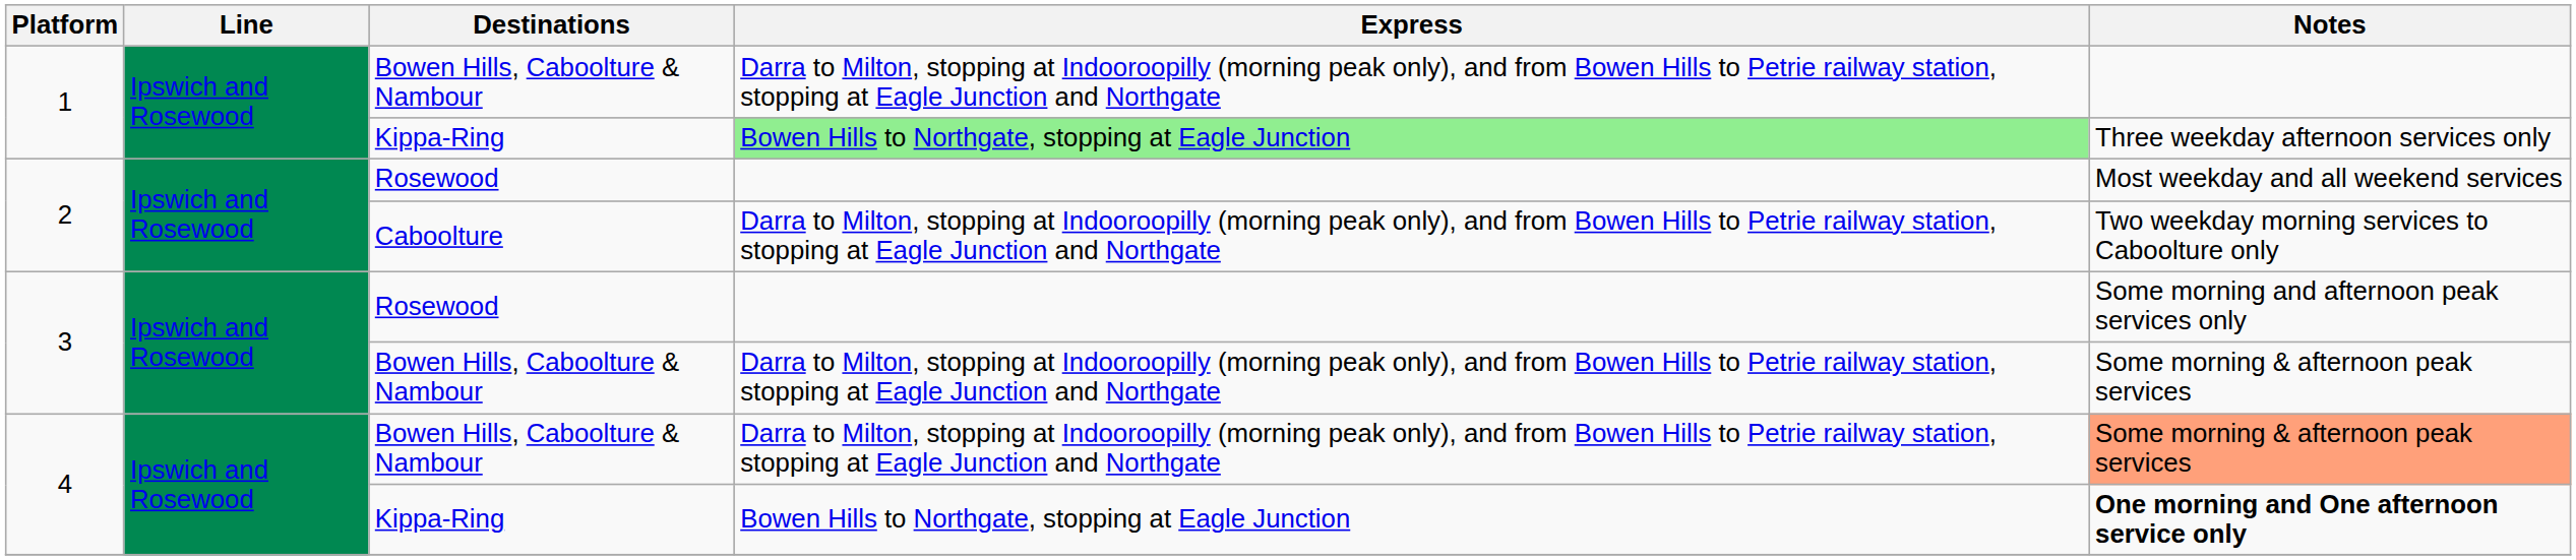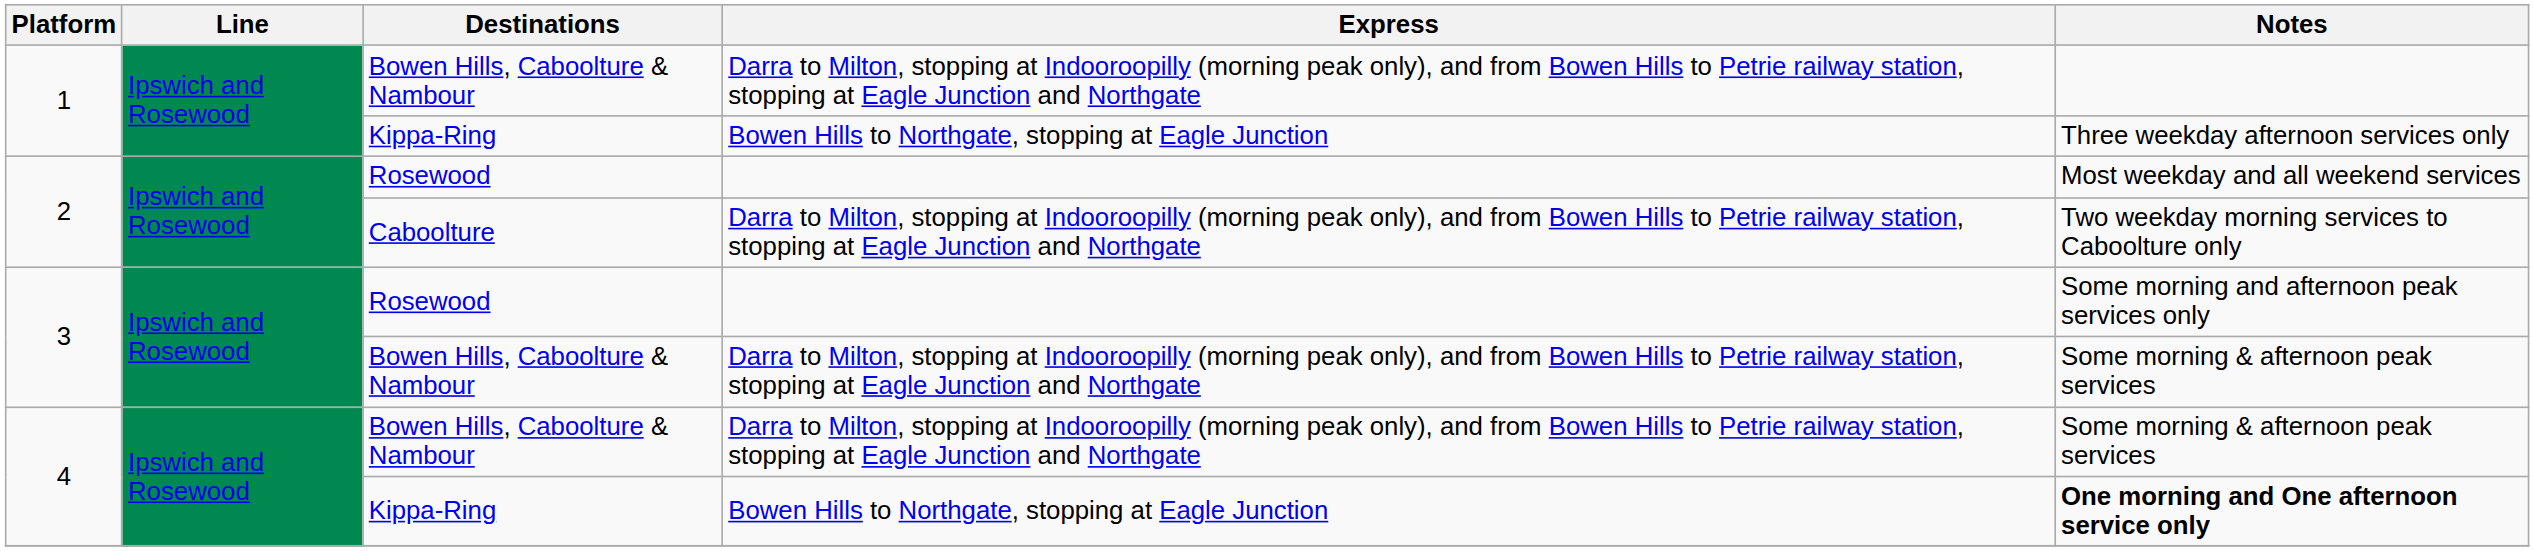 <table class="wikitable" style="float: none; margin: 0.5em; ">
 <tr>
 <th>Platform</th>
 <th>Line</th>
 <th>Destinations</th>
 <th>Express</th>
 <th>Notes</th>
 </tr>
 <tr>
 <td rowspan="2" style="text-align:center;">1</td>
 <td rowspan="2" style=background:#008851><a href='#'><span>Ipswich and Rosewood</span></a></td>
 <td><a href='#'>Bowen Hills</a>, <a href='#'>Caboolture</a> & <a href='#'>Nambour</a></td>
 <td><a href='#'>Darra</a> to <a href='#'>Milton</a>, stopping at <a href='#'>Indooroopilly</a> (morning peak only), and from <a href='#'>Bowen Hills</a> to <a href='#'>Petrie railway station</a>, stopping at <a href='#'>Eagle Junction</a> and <a href='#'>Northgate</a></td>
 <td></td>
 </tr>
 <tr>
 <td><a href='#'>Kippa-Ring</a></td>
-<td style="background: lightgreen;"><a href='#'>Bowen Hills</a> to <a href='#'>Northgate</a>, stopping at <a href='#'>Eagle Junction</a></td>
+<td><a href='#'>Bowen Hills</a> to <a href='#'>Northgate</a>, stopping at <a href='#'>Eagle Junction</a></td>
 <td>Three weekday afternoon services only</td>
 </tr>
 <tr>
 <td rowspan="2" style="text-align:center;">2</td>
 <td rowspan="2" style=background:#008851><a href='#'><span>Ipswich and Rosewood</span></a></td>
 <td><a href='#'>Rosewood</a></td>
 <td></td>
 <td>Most weekday and all weekend services</td>
 </tr>
 <tr>
 <td><a href='#'>Caboolture</a></td>
 <td><a href='#'>Darra</a> to <a href='#'>Milton</a>, stopping at <a href='#'>Indooroopilly</a> (morning peak only), and from <a href='#'>Bowen Hills</a> to <a href='#'>Petrie railway station</a>, stopping at <a href='#'>Eagle Junction</a> and <a href='#'>Northgate</a></td>
 <td>Two weekday morning services to Caboolture only</td>
 </tr>
 <tr>
 <td rowspan="2" style="text-align:center;">3</td>
 <td rowspan="2" style=background:#008851><a href='#'><span>Ipswich and Rosewood</span></a></td>
 <td><a href='#'>Rosewood</a></td>
 <td></td>
 <td>Some morning and afternoon peak services only</td>
 </tr>
 <tr>
 <td><a href='#'>Bowen Hills</a>, <a href='#'>Caboolture</a> & <a href='#'>Nambour</a></td>
 <td><a href='#'>Darra</a> to <a href='#'>Milton</a>, stopping at <a href='#'>Indooroopilly</a> (morning peak only), and from <a href='#'>Bowen Hills</a> to <a href='#'>Petrie railway station</a>, stopping at <a href='#'>Eagle Junction</a> and <a href='#'>Northgate</a></td>
 <td>Some morning & afternoon peak services</td>
 </tr>
 <tr>
 <td rowspan="2" style="text-align:center;">4</td>
 <td rowspan="2" style=background:#008851><a href='#'><span>Ipswich and Rosewood</span></a></td>
 <td><a href='#'>Bowen Hills</a>, <a href='#'>Caboolture</a> & <a href='#'>Nambour</a></td>
 <td><a href='#'>Darra</a> to <a href='#'>Milton</a>, stopping at <a href='#'>Indooroopilly</a> (morning peak only), and from <a href='#'>Bowen Hills</a> to <a href='#'>Petrie railway station</a>, stopping at <a href='#'>Eagle Junction</a> and <a href='#'>Northgate</a></td>
-<td style="background: lightsalmon;">Some morning & afternoon peak services</td>
+<td>Some morning & afternoon peak services</td>
 </tr>
 <tr>
 <td><a href='#'>Kippa-Ring</a></td>
 <td><a href='#'>Bowen Hills</a> to <a href='#'>Northgate</a>, stopping at <a href='#'>Eagle Junction</a></td>
 <td><strong>One morning and One afternoon service only</strong></td>
 </tr>
 <tr>
 </tr>
 </table>
